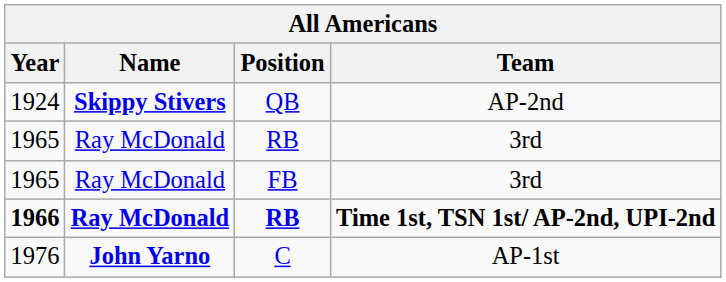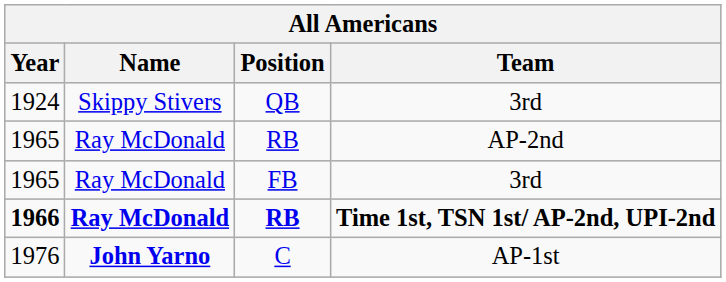 <table class="wikitable">
 <tr align="center">
 <th colspan=5>All Americans</th>
 </tr>
 <tr>
 <th>Year</th>
 <th>Name</th>
 <th>Position</th>
 <th>Team</th>
 </tr>
 <tr align="center" bgcolor="">
 <td>1924</td>
-<td><strong><a href='#'>Skippy Stivers</a></strong></td>
+<td><a href='#'>Skippy Stivers</a></td>
 <td><a href='#'>QB</a></td>
-<td>AP-2nd</td>
+<td>3rd</td>
 </tr>
 <tr align="center" bgcolor="">
 <td>1965</td>
 <td><a href='#'>Ray McDonald</a></td>
 <td><a href='#'>RB</a></td>
-<td>3rd</td>
+<td>AP-2nd</td>
 </tr>
 <tr align="center" bgcolor="">
 <td>1965</td>
 <td><a href='#'>Ray McDonald</a></td>
 <td><a href='#'>FB</a></td>
 <td>3rd</td>
 </tr>
 <tr align="center" bgcolor="">
 <td><strong>1966</strong></td>
 <td><strong><a href='#'>Ray McDonald</a></strong></td>
 <td><strong><a href='#'>RB</a></strong></td>
 <td><strong>Time 1st, TSN 1st/ AP-2nd, UPI-2nd</strong></td>
 </tr>
 <tr align="center" bgcolor="">
 <td>1976</td>
 <td><strong><a href='#'>John Yarno</a></strong></td>
 <td><a href='#'>C</a></td>
 <td>AP-1st</td>
 </tr>
 </table>
